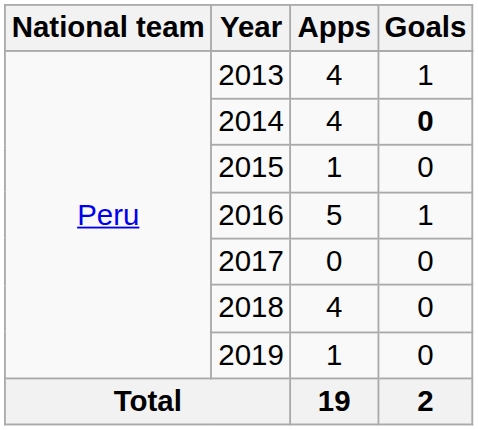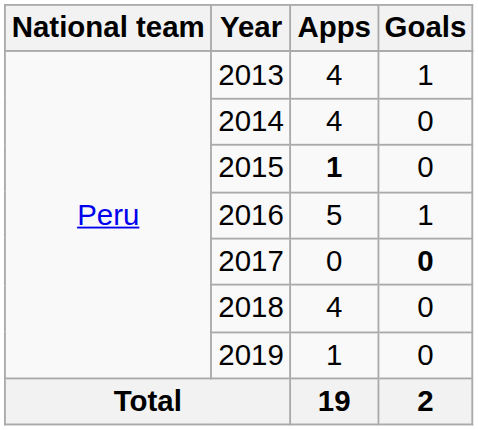 <table class="wikitable" style="text-align: center;">
 <tr>
 <th>National team</th>
 <th>Year</th>
 <th>Apps</th>
 <th>Goals</th>
 </tr>
 <tr>
 <td rowspan="8"><a href='#'>Peru</a></td>
 </tr>
 <tr>
 <td>2013</td>
 <td>4</td>
 <td>1</td>
 </tr>
 <tr>
 <td>2014</td>
 <td>4</td>
-<td><strong>0</strong></td>
+<td>0</td>
 </tr>
 <tr>
 <td>2015</td>
-<td>1</td>
+<td><strong>1</strong></td>
 <td>0</td>
 </tr>
 <tr>
 <td>2016</td>
 <td>5</td>
 <td>1</td>
 </tr>
 <tr>
 <td>2017</td>
 <td>0</td>
-<td>0</td>
+<td><strong>0</strong></td>
 </tr>
 <tr>
 <td>2018</td>
 <td>4</td>
 <td>0</td>
 </tr>
 <tr>
 <td>2019</td>
 <td>1</td>
 <td>0</td>
 </tr>
 <tr>
 <th colspan=2>Total</th>
 <th>19</th>
 <th>2</th>
 </tr>
 </table>
